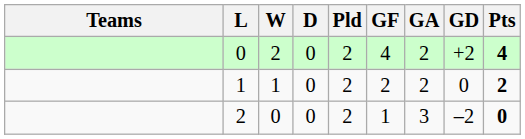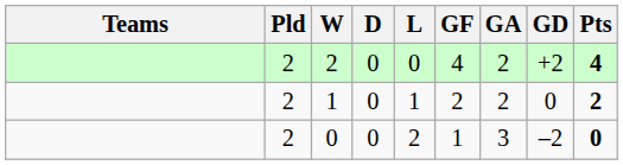 <table class="wikitable" style="text-align: center;">
 <tr>
 <th width=165>Teams</th>
-<th width=20>L</th>
+<th width=20>Pld</th>
 <th width=20>W</th>
 <th width=20>D</th>
-<th width=20>Pld</th>
+<th width=20>L</th>
 <th width=20>GF</th>
 <th width=20>GA</th>
 <th width=20>GD</th>
 <th width=20>Pts</th>
 </tr>
 <tr align=center style="background:#ccffcc;">
 <td style="text-align:left;"></td>
-<td>0</td>
+<td>2</td>
 <td>2</td>
 <td>0</td>
-<td>2</td>
+<td>0</td>
 <td>4</td>
 <td>2</td>
 <td>+2</td>
 <td><strong>4</strong></td>
 </tr>
 <tr align=center>
 <td style="text-align:left;"></td>
-<td>1</td>
+<td>2</td>
 <td>1</td>
 <td>0</td>
-<td>2</td>
+<td>1</td>
 <td>2</td>
 <td>2</td>
 <td>0</td>
 <td><strong>2</strong></td>
 </tr>
 <tr align=center>
 <td style="text-align:left;"></td>
 <td>2</td>
 <td>0</td>
 <td>0</td>
 <td>2</td>
 <td>1</td>
 <td>3</td>
 <td>–2</td>
 <td><strong>0</strong></td>
 </tr>
 </table>
